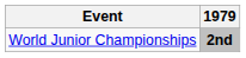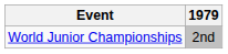 <table class="wikitable" style="text-align:center">
 <tr>
 <th>Event</th>
 <th>1979</th>
 </tr>
 <tr>
 <td align=left><a href='#'>World Junior Championships</a></td>
-<td bgcolor=silver><strong>2nd</strong></td>
+<td bgcolor=silver>2nd</td>
 </tr>
 </table>
